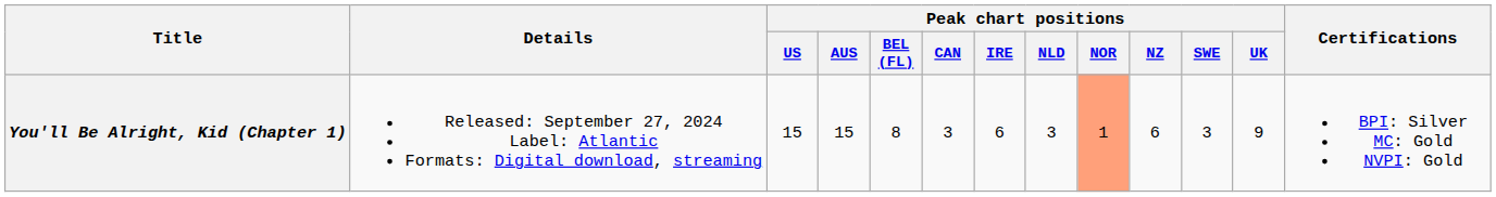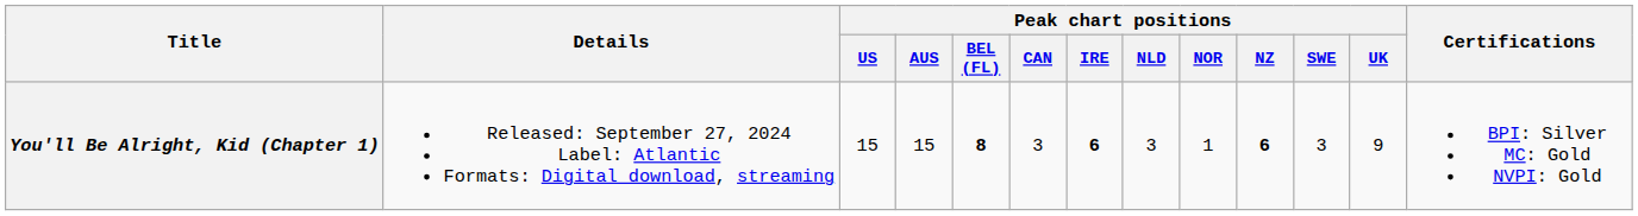 <table class="wikitable plainrowheaders" style="text-align:center;" border="1">
 <tr>
 <th scope="col" rowspan="2">Title</th>
 <th scope="col" rowspan="2">Details</th>
 <th scope="col" colspan="10">Peak chart positions</th>
 <th scope="col" rowspan="2" style="width:12em;">Certifications</th>
 </tr>
 <tr>
 <th scope="col" style="width:3em;font-size:90%;"><a href='#'>US</a><br></th>
 <th scope="col" style="width:3em;font-size:90%;"><a href='#'>AUS</a><br></th>
 <th scope="col" style="width:3em;font-size:90%;"><a href='#'>BEL<br>(FL)</a><br></th>
 <th scope="col" style="width:3em;font-size:90%;"><a href='#'>CAN</a><br></th>
 <th scope="col" style="width:3em;font-size:90%;"><a href='#'>IRE</a><br></th>
 <th scope="col" style="width:3em;font-size:90%;"><a href='#'>NLD</a><br></th>
 <th scope="col" style="width:3em;font-size:90%;"><a href='#'>NOR</a><br></th>
 <th scope="col" style="width:3em;font-size:90%;"><a href='#'>NZ</a><br></th>
 <th scope="col" style="width:3em;font-size:90%;"><a href='#'>SWE</a><br></th>
 <th scope="col" style="width:3em;font-size:90%;"><a href='#'>UK</a><br></th>
 </tr>
 <tr>
 <th scope="row"><em>You'll Be Alright, Kid (Chapter 1)</em></th>
 <td><br><ul><li>Released: September 27, 2024</li><li>Label: <a href='#'>Atlantic</a></li><li>Formats: <a href='#'>Digital download</a>, <a href='#'>streaming</a></li></ul></td>
 <td>15</td>
 <td>15</td>
-<td>8</td>
+<td><strong>8</strong></td>
 <td>3</td>
-<td>6</td>
+<td><strong>6</strong></td>
 <td>3</td>
-<td style="background: lightsalmon;">1</td>
-<td>6<br></td>
+<td>1</td>
+<td><strong>6<br></strong></td>
 <td>3</td>
 <td>9</td>
 <td><br><ul><li><a href='#'>BPI</a>: Silver</li><li><a href='#'>MC</a>: Gold</li><li><a href='#'>NVPI</a>: Gold</li></ul></td>
 </tr>
 </table>
